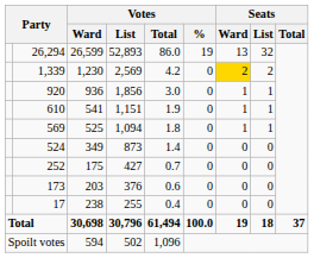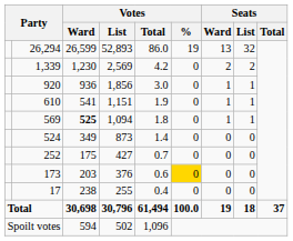 <table class=wikitable style="text-align:right">
 <tr>
 <th rowspan="2" colspan="2">Party</th>
 <th colspan="4" align="center">Votes</th>
 <th colspan="3" align="center">Seats</th>
 </tr>
 <tr>
 <th>Ward</th>
 <th>List</th>
 <th>Total</th>
 <th>%</th>
 <th>Ward</th>
 <th>List</th>
 <th>Total</th>
 </tr>
 <tr>
 <td></td>
 <td>26,294</td>
 <td>26,599</td>
 <td>52,893</td>
 <td>86.0</td>
 <td>19</td>
 <td>13</td>
 <td>32</td>
 </tr>
 <tr>
 <td></td>
 <td>1,339</td>
 <td>1,230</td>
 <td>2,569</td>
 <td>4.2</td>
 <td>0</td>
-<td style="background: gold;">2</td>
+<td>2</td>
 <td>2</td>
 </tr>
 <tr>
 <td></td>
 <td>920</td>
 <td>936</td>
 <td>1,856</td>
 <td>3.0</td>
 <td>0</td>
 <td>1</td>
 <td>1</td>
 </tr>
 <tr>
 <td></td>
 <td>610</td>
 <td>541</td>
 <td>1,151</td>
 <td>1.9</td>
 <td>0</td>
 <td>1</td>
 <td>1</td>
 </tr>
 <tr>
 <td></td>
 <td>569</td>
-<td>525</td>
+<td><strong>525</strong></td>
 <td>1,094</td>
 <td>1.8</td>
 <td>0</td>
 <td>1</td>
 <td>1</td>
 </tr>
 <tr>
 <td></td>
 <td>524</td>
 <td>349</td>
 <td>873</td>
 <td>1.4</td>
 <td>0</td>
 <td>0</td>
 <td>0</td>
 </tr>
 <tr>
 <td></td>
 <td>252</td>
 <td>175</td>
 <td>427</td>
 <td>0.7</td>
 <td>0</td>
 <td>0</td>
 <td>0</td>
 </tr>
 <tr>
 <td></td>
 <td>173</td>
 <td>203</td>
 <td>376</td>
 <td>0.6</td>
-<td>0</td>
+<td style="background: gold;">0</td>
 <td>0</td>
 <td>0</td>
 </tr>
 <tr>
 <td></td>
 <td>17</td>
 <td>238</td>
 <td>255</td>
 <td>0.4</td>
 <td>0</td>
 <td>0</td>
 <td>0</td>
 </tr>
 <tr>
 <td colspan="2" style="text-align:left"><strong>Total</strong></td>
 <td><strong>30,698</strong></td>
 <td><strong>30,796</strong></td>
 <td><strong>61,494</strong></td>
 <td><strong>100.0</strong></td>
 <td><strong>19</strong></td>
 <td><strong>18</strong></td>
 <td><strong>37</strong></td>
 </tr>
 <tr>
 <td colspan="2" style="text-align:left">Spoilt votes</td>
 <td>594</td>
 <td>502</td>
 <td>1,096</td>
 </tr>
 </table>
